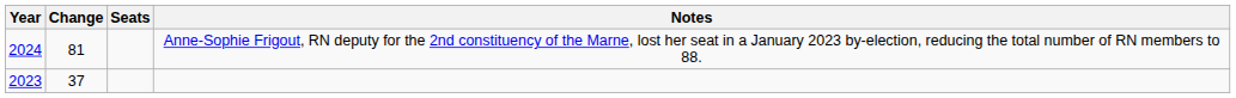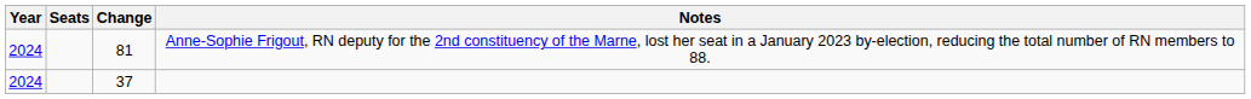 <table class="wikitable" style="font-size:95%;text-align:center;">
 <tr>
 <th>Year</th>
+<th>Seats</th>
 <th>Change</th>
-<th>Seats</th>
 <th>Notes</th>
 </tr>
 <tr>
 <td><a href='#'>2024</a></td>
+<td></td>
 <td> 81</td>
-<td></td>
 <td><a href='#'>Anne-Sophie Frigout</a>, RN deputy for the <a href='#'>2nd constituency of the Marne</a>, lost her seat in a January 2023 by-election, reducing the total number of RN members to 88.</td>
 </tr>
 <tr>
-<td><a href='#'>2023</a></td>
+<td><a href='#'>2024</a></td>
+<td></td>
 <td> 37</td>
-<td></td>
 <td></td>
 </tr>
 </table>
